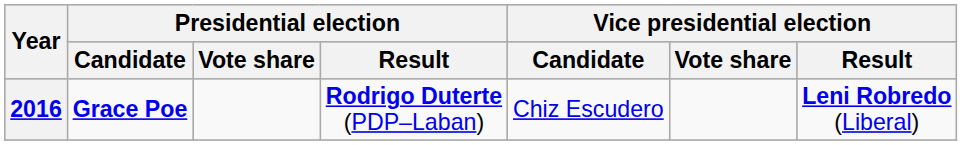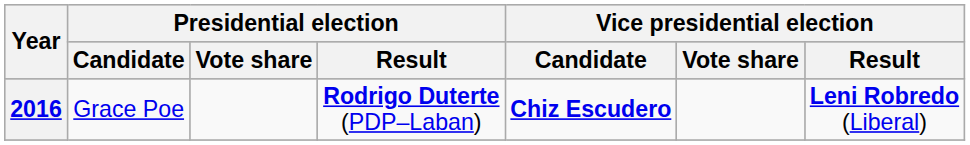 <table class="wikitable" style="text-align:center; font-size:90%">
 <tr>
 <th rowspan=2>Year</th>
 <th colspan=3>Presidential election</th>
 <th colspan=3>Vice presidential election</th>
 </tr>
 <tr>
 <th>Candidate</th>
 <th>Vote share</th>
 <th>Result</th>
 <th>Candidate</th>
 <th>Vote share</th>
 <th>Result</th>
 </tr>
 <tr>
 <th><a href='#'>2016</a></th>
-<td><strong><a href='#'>Grace Poe</a></strong></td>
+<td><a href='#'>Grace Poe</a></td>
 <td></td>
 <td><strong><a href='#'>Rodrigo Duterte</a></strong><br>(<a href='#'>PDP–Laban</a>)</td>
-<td><a href='#'>Chiz Escudero</a></td>
+<td><strong><a href='#'>Chiz Escudero</a></strong></td>
 <td></td>
 <td><strong><a href='#'>Leni Robredo</a></strong><br>(<a href='#'>Liberal</a>)</td>
 </tr>
 </table>
